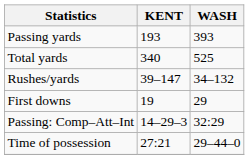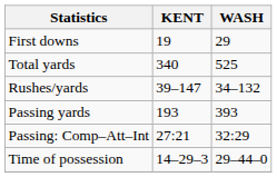 <table class="wikitable" style="float: left;">
 <tr>
 <th>Statistics</th>
 <th>KENT</th>
 <th>WASH</th>
 </tr>
 <tr>
-<td>Passing yards</td>
-<td>193</td>
-<td>393</td>
+<td>First downs</td>
+<td>19</td>
+<td>29</td>
 </tr>
 <tr>
 <td>Total yards</td>
 <td>340</td>
 <td>525</td>
 </tr>
 <tr>
 <td>Rushes/yards</td>
 <td>39–147</td>
 <td>34–132</td>
 </tr>
 <tr>
-<td>First downs</td>
-<td>19</td>
-<td>29</td>
+<td>Passing yards</td>
+<td>193</td>
+<td>393</td>
 </tr>
 <tr>
 <td>Passing: Comp–Att–Int</td>
-<td>14–29–3</td>
+<td>27:21</td>
 <td>32:29</td>
 </tr>
 <tr>
 <td>Time of possession</td>
-<td>27:21</td>
+<td>14–29–3</td>
 <td>29–44–0</td>
 </tr>
 <tr>
 </tr>
 </table>
